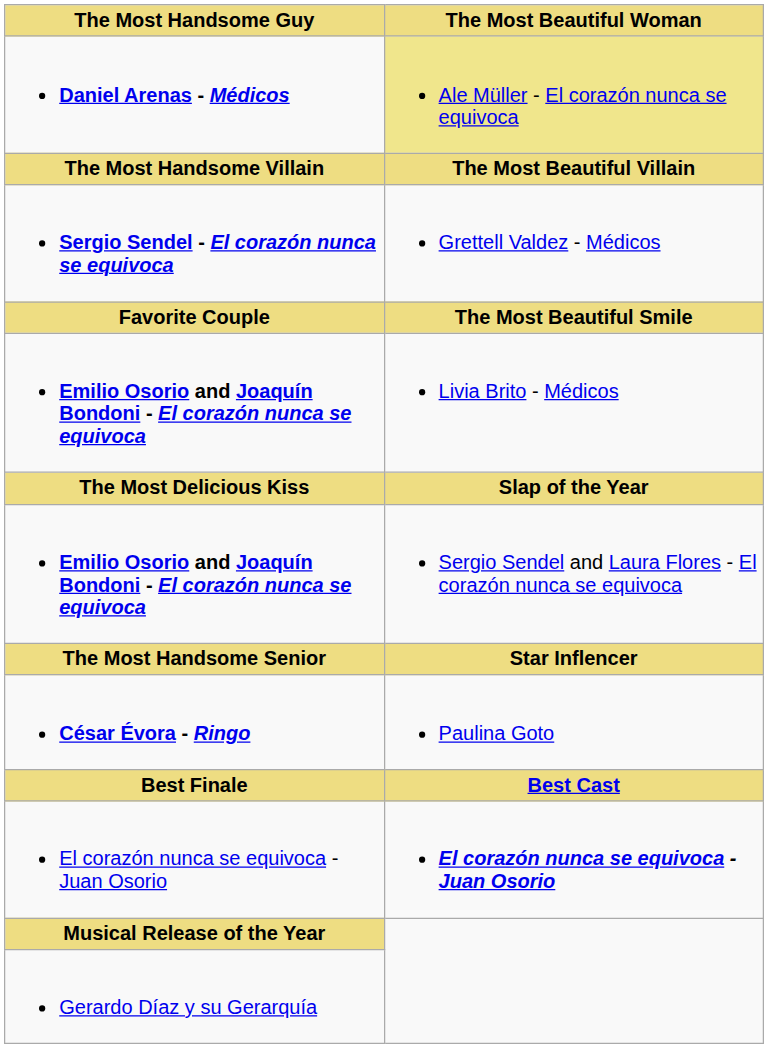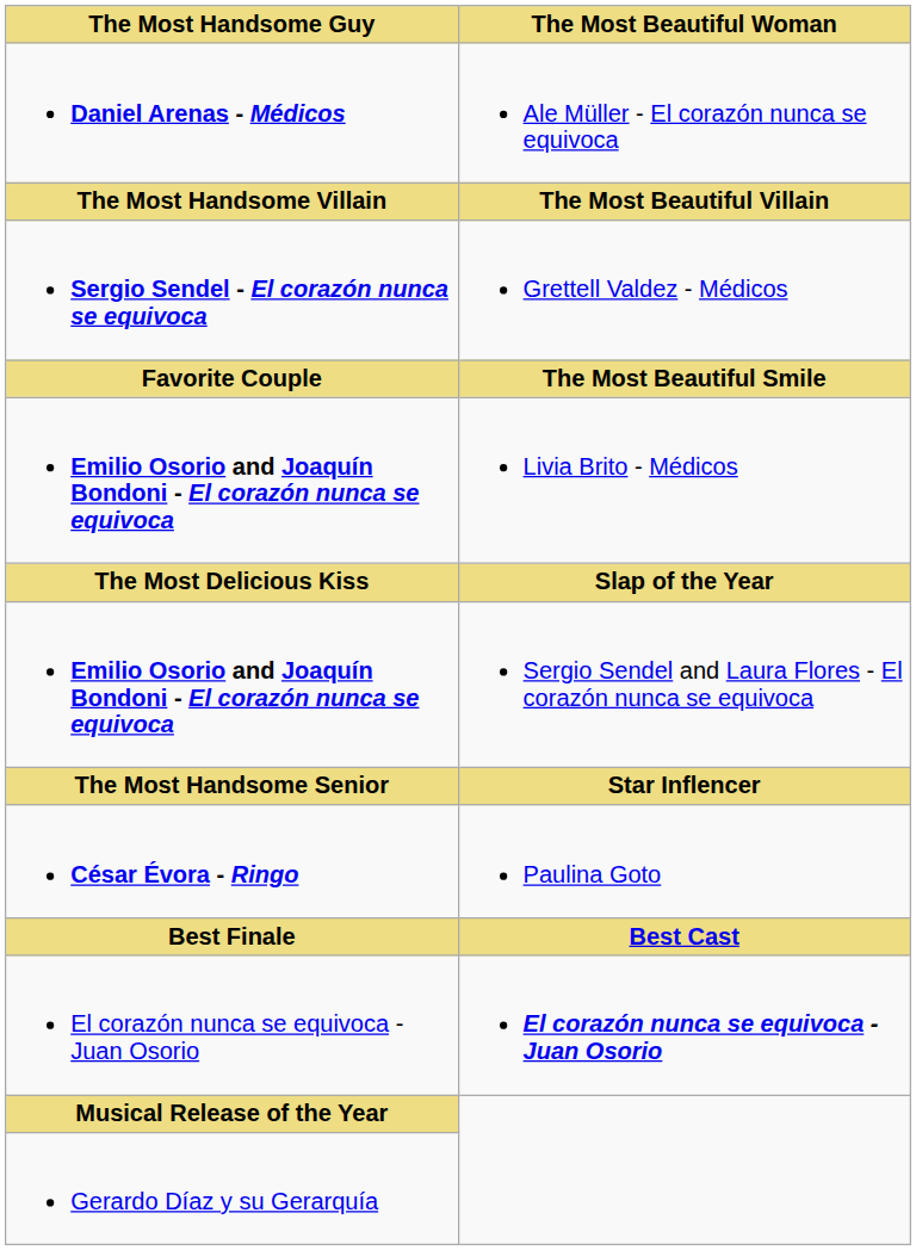 <table class=wikitable>
 <tr>
 <th style="background:#EEDD82; width:50%">The Most Handsome Guy</th>
 <th style="background:#EEDD82; width:50%">The Most Beautiful Woman</th>
 </tr>
 <tr>
 <td valign="top"><br><ul><li><strong><a href='#'>Daniel Arenas</a> - <em><a href='#'>Médicos</a><strong><em></li></ul></td>
-<td valign="top" style="background: khaki;"><br><ul><li></strong><a href='#'>Ale Müller</a> - </em><a href='#'>El corazón nunca se equivoca</a></em></strong></li></ul></td>
+<td valign="top"><br><ul><li></strong><a href='#'>Ale Müller</a> - </em><a href='#'>El corazón nunca se equivoca</a></em></strong></li></ul></td>
 </tr>
 <tr>
 <th style="background:#EEDD82; width:50%">The Most Handsome Villain</th>
 <th style="background:#EEDD82; width:50%">The Most Beautiful Villain</th>
 </tr>
 <tr>
 <td valign="top"><br><ul><li><strong><a href='#'>Sergio Sendel</a> - <em><a href='#'>El corazón nunca se equivoca</a><strong><em></li></ul></td>
 <td valign="top"><br><ul><li></strong><a href='#'>Grettell Valdez</a> - </em><a href='#'>Médicos</a></em></strong></li></ul></td>
 </tr>
 <tr>
 <th style="background:#EEDD82; width:50%">Favorite Couple</th>
 <th style="background:#EEDD82; width:50%">The Most Beautiful Smile</th>
 </tr>
 <tr>
 <td valign="top"><br><ul><li><strong><a href='#'>Emilio Osorio</a> and <a href='#'>Joaquín Bondoni</a> - <em><a href='#'>El corazón nunca se equivoca</a><strong><em></li></ul></td>
 <td valign="top"><br><ul><li></strong><a href='#'>Livia Brito</a> - </em><a href='#'>Médicos</a></em></strong></li></ul></td>
 </tr>
 <tr>
 <th style="background:#EEDD82; width:50%">The Most Delicious Kiss</th>
 <th style="background:#EEDD82; width:50%">Slap of the Year</th>
 </tr>
 <tr>
 <td valign="top"><br><ul><li><strong><a href='#'>Emilio Osorio</a> and <a href='#'>Joaquín Bondoni</a> - <em><a href='#'>El corazón nunca se equivoca</a><strong><em></li></ul></td>
 <td valign="top"><br><ul><li></strong><a href='#'>Sergio Sendel</a> and <a href='#'>Laura Flores</a> - </em><a href='#'>El corazón nunca se equivoca</a></em></strong></li></ul></td>
 </tr>
 <tr>
 <th style="background:#EEDD82; width:50%">The Most Handsome Senior</th>
 <th style="background:#EEDD82; width:50%">Star Inflencer</th>
 </tr>
 <tr>
 <td valign="top"><br><ul><li><strong><a href='#'>César Évora</a> - <em><a href='#'>Ringo</a><strong><em></li></ul></td>
 <td valign="top"><br><ul><li></strong><a href='#'>Paulina Goto</a><strong></li></ul></td>
 </tr>
 <tr>
 <th style="background:#EEDD82; width:50%">Best Finale</th>
 <th style="background:#EEDD82; width:50%"><a href='#'>Best Cast</a></th>
 </tr>
 <tr>
 <td valign="top"><strong><br><ul><li></em></strong><a href='#'>El corazón nunca se equivoca</a></em> - <a href='#'>Juan Osorio</a></strong></li></ul></strong></td>
 <td valign="top"><br><ul><li><strong><em><a href='#'>El corazón nunca se equivoca</a><em> - <a href='#'>Juan Osorio</a><strong></li></ul></td>
 </tr>
 <tr>
 <th style="background:#EEDD82; width:50%">Musical Release of the Year</th>
 </tr>
 <tr>
 <td valign="top"><br><ul><li></strong><a href='#'>Gerardo Díaz y su Gerarquía</a><strong></li></ul></td>
 </tr>
 </table>
